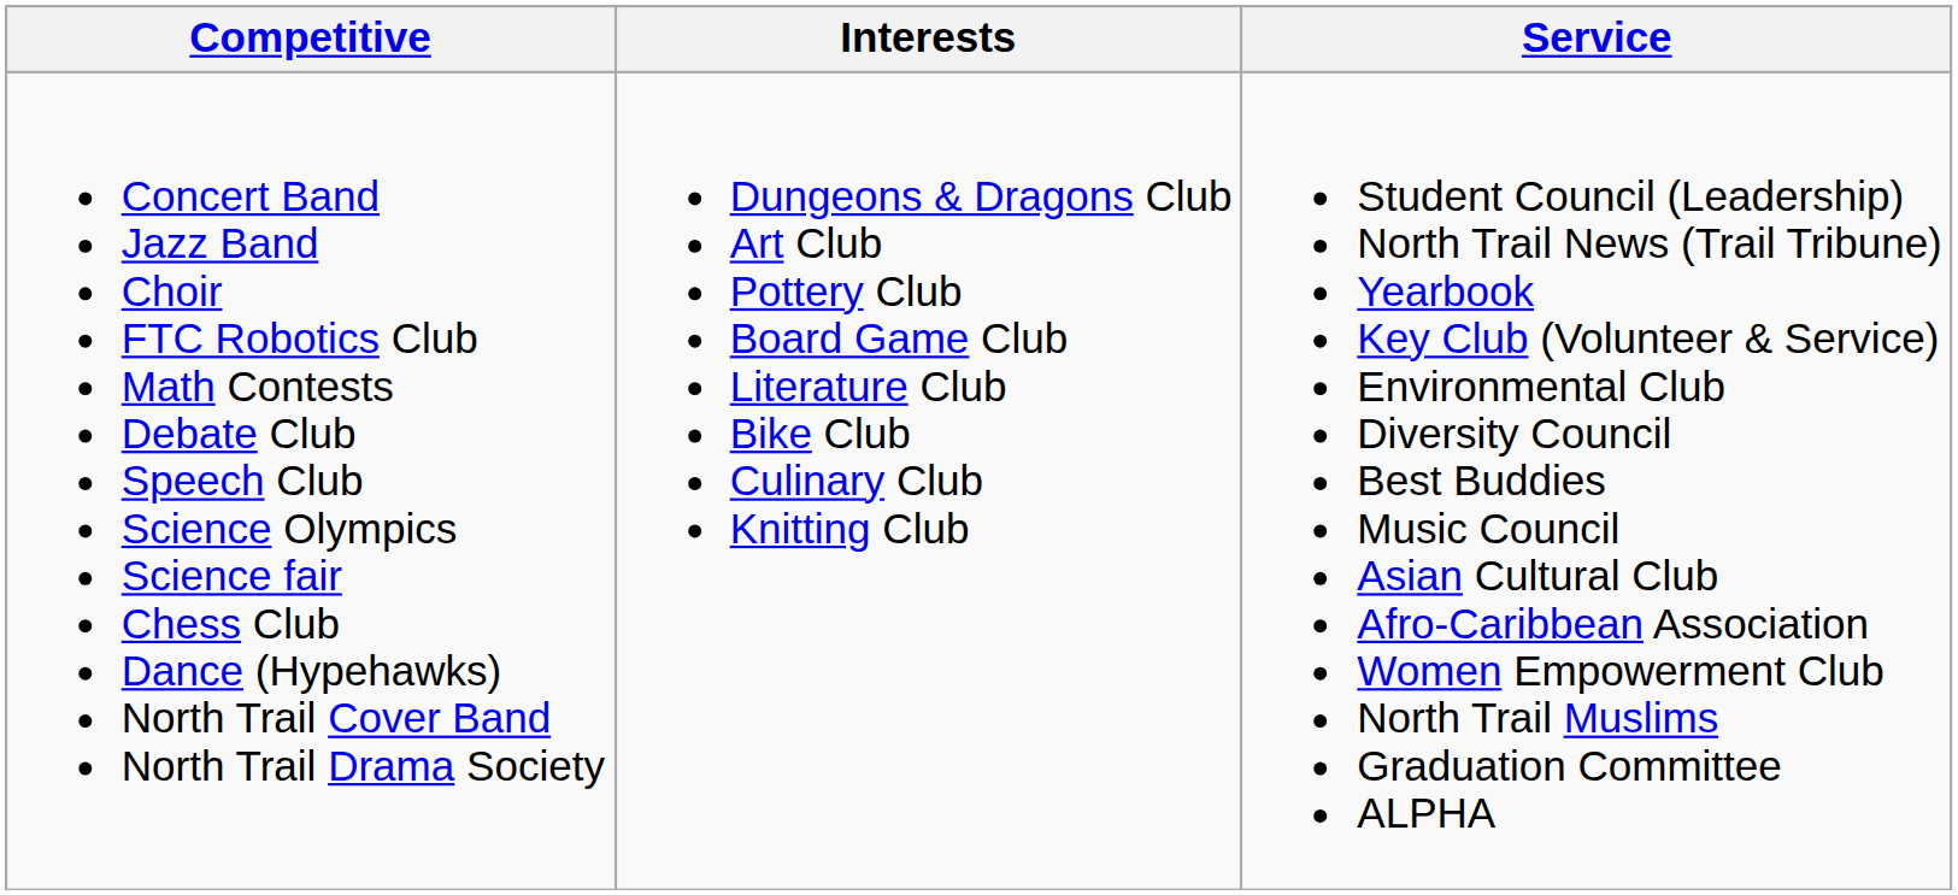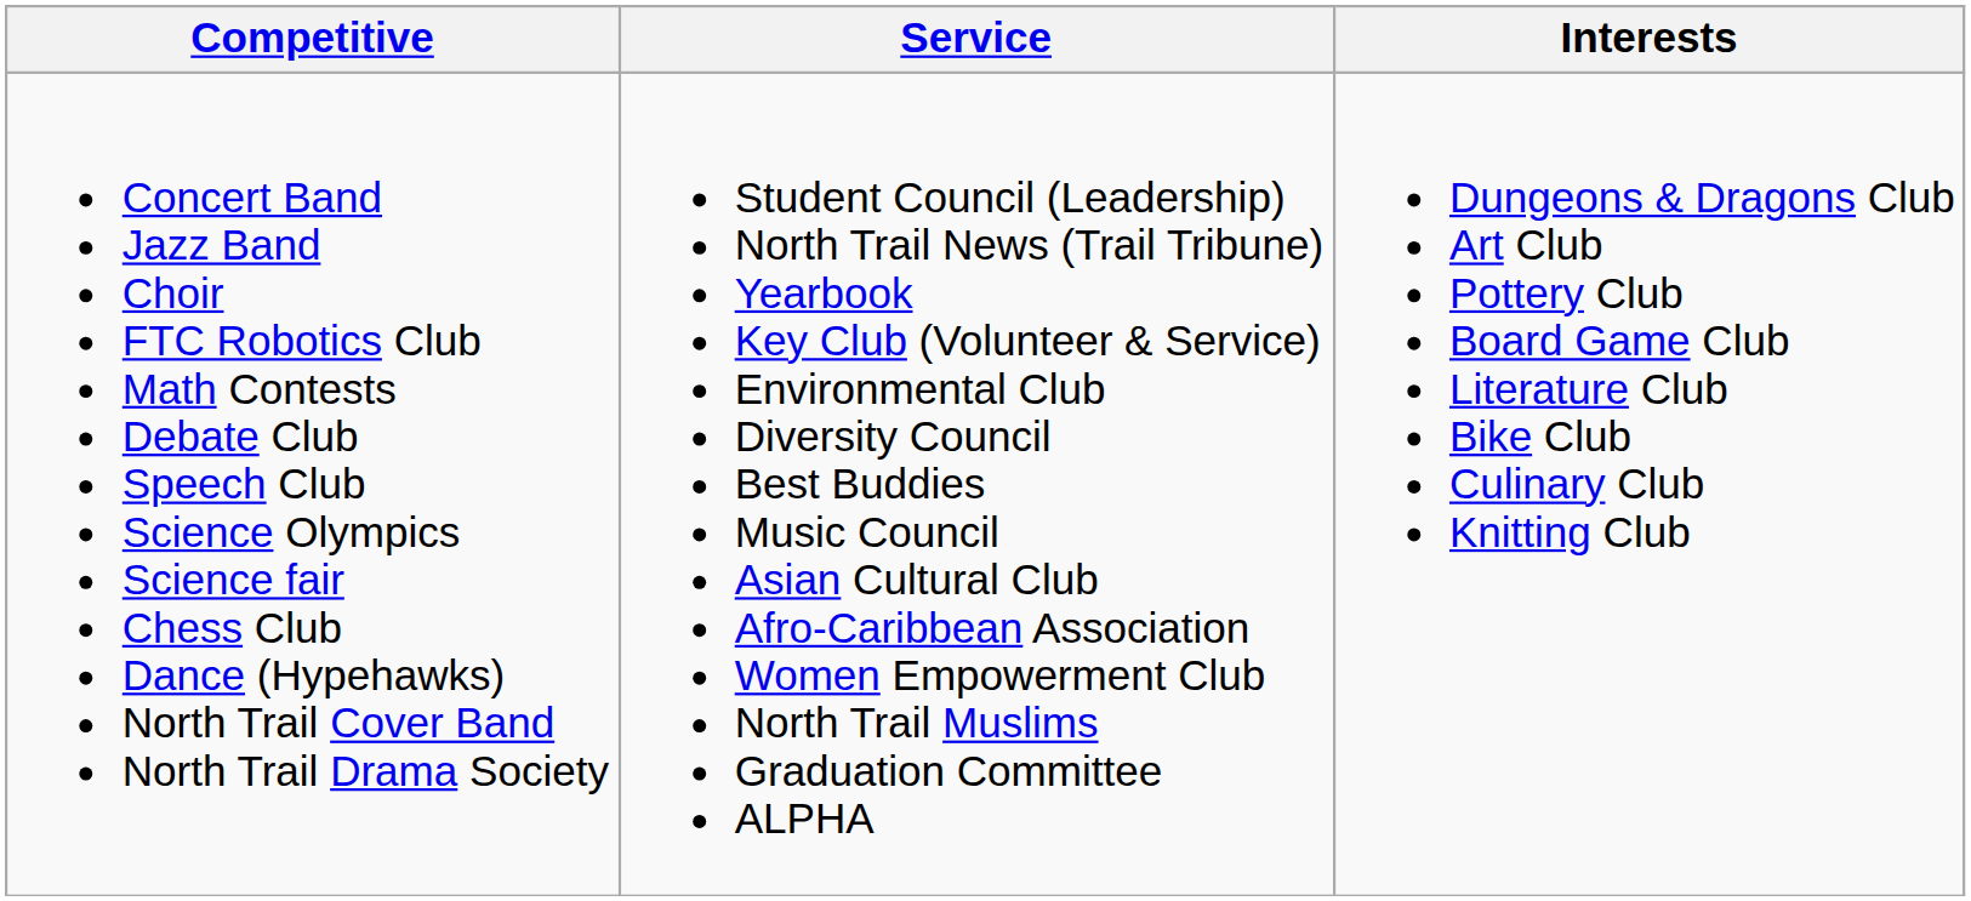 <table class="wikitable">
 <tr>
 <th><a href='#'>Competitive</a></th>
+<th><a href='#'>Service</a></th>
 <th>Interests</th>
-<th><a href='#'>Service</a></th>
 </tr>
 <tr style="vertical-align:top;">
 <td><br><ul><li><a href='#'>Concert Band</a></li><li><a href='#'>Jazz Band</a></li><li><a href='#'>Choir</a></li><li><a href='#'>FTC Robotics</a> Club</li><li><a href='#'>Math</a> Contests</li><li><a href='#'>Debate</a> Club</li><li><a href='#'>Speech</a> Club</li><li><a href='#'>Science</a> Olympics</li><li><a href='#'>Science fair</a></li><li><a href='#'>Chess</a> Club</li><li><a href='#'>Dance</a> (Hypehawks)</li><li>North Trail <a href='#'>Cover Band</a></li><li>North Trail <a href='#'>Drama</a> Society</li></ul></td>
+<td><br><ul><li>Student Council (Leadership)</li><li>North Trail News (Trail Tribune)</li><li><a href='#'>Yearbook</a></li><li><a href='#'>Key Club</a> (Volunteer & Service)</li><li>Environmental Club</li><li>Diversity Council</li><li>Best Buddies</li><li>Music Council</li><li><a href='#'>Asian</a> Cultural Club</li><li><a href='#'>Afro-Caribbean</a> Association</li><li><a href='#'>Women</a> Empowerment Club</li><li>North Trail <a href='#'>Muslims</a></li><li>Graduation Committee</li><li>ALPHA</li></ul></td>
 <td><br><ul><li><a href='#'>Dungeons & Dragons</a> Club</li><li><a href='#'>Art</a> Club</li><li><a href='#'>Pottery</a> Club</li><li><a href='#'>Board Game</a> Club</li><li><a href='#'>Literature</a> Club</li><li><a href='#'>Bike</a> Club</li><li><a href='#'>Culinary</a> Club</li><li><a href='#'>Knitting</a> Club</li></ul></td>
-<td><br><ul><li>Student Council (Leadership)</li><li>North Trail News (Trail Tribune)</li><li><a href='#'>Yearbook</a></li><li><a href='#'>Key Club</a> (Volunteer & Service)</li><li>Environmental Club</li><li>Diversity Council</li><li>Best Buddies</li><li>Music Council</li><li><a href='#'>Asian</a> Cultural Club</li><li><a href='#'>Afro-Caribbean</a> Association</li><li><a href='#'>Women</a> Empowerment Club</li><li>North Trail <a href='#'>Muslims</a></li><li>Graduation Committee</li><li>ALPHA</li></ul></td>
 </tr>
 </table>
